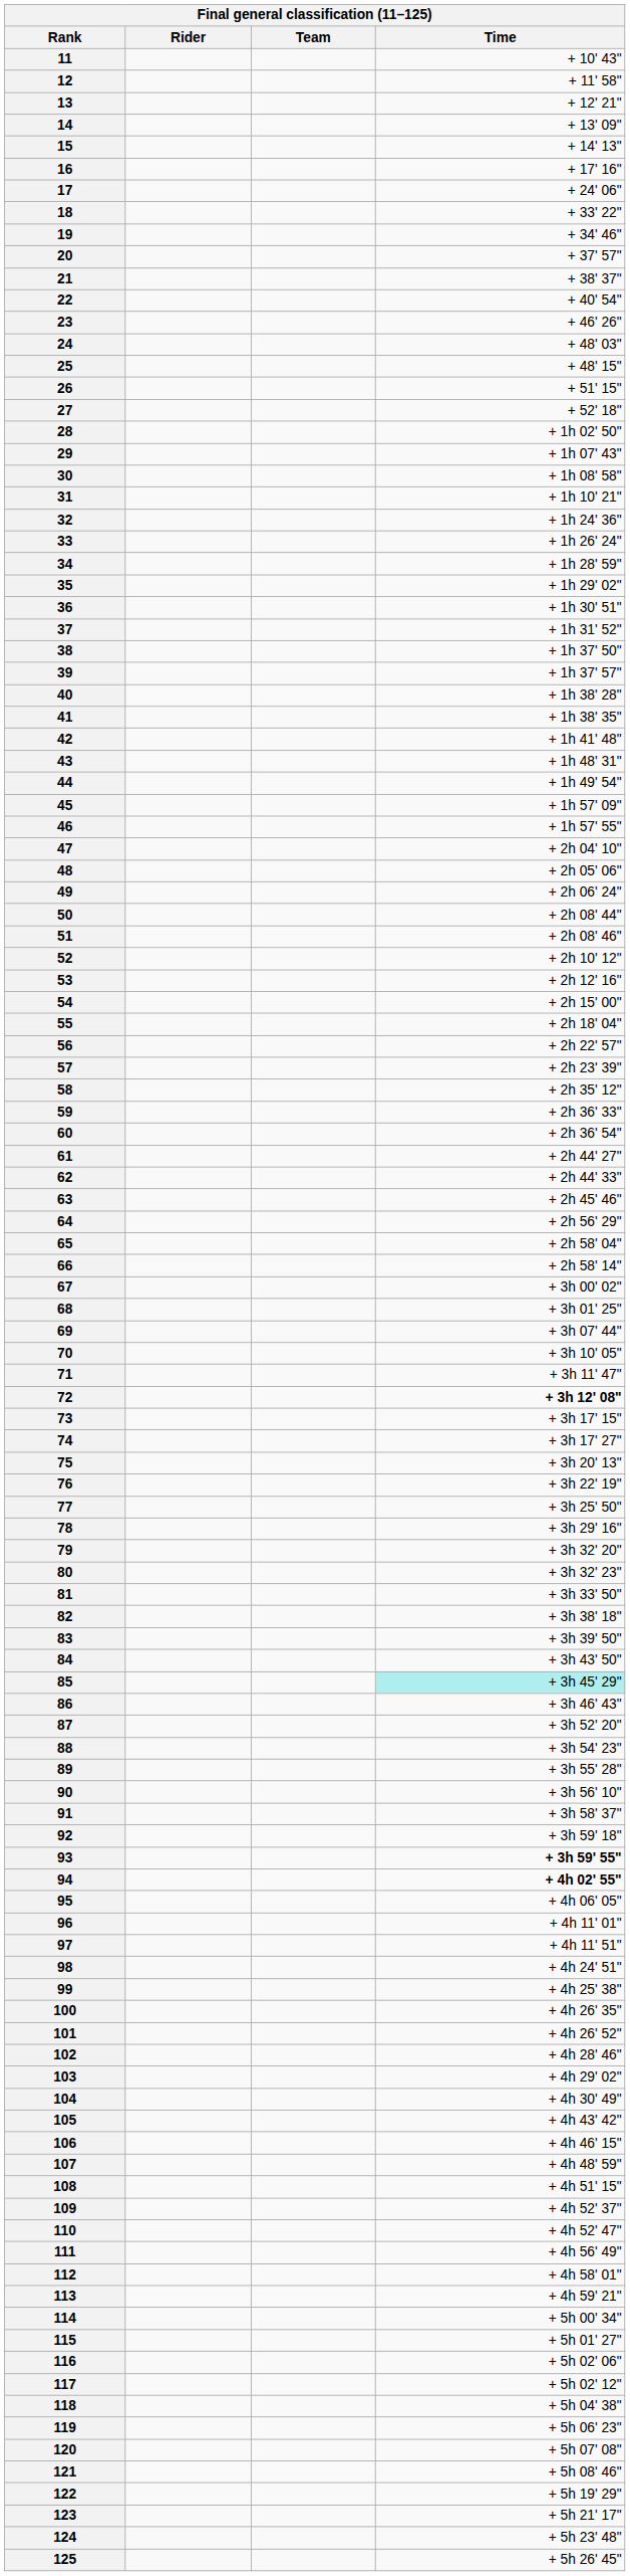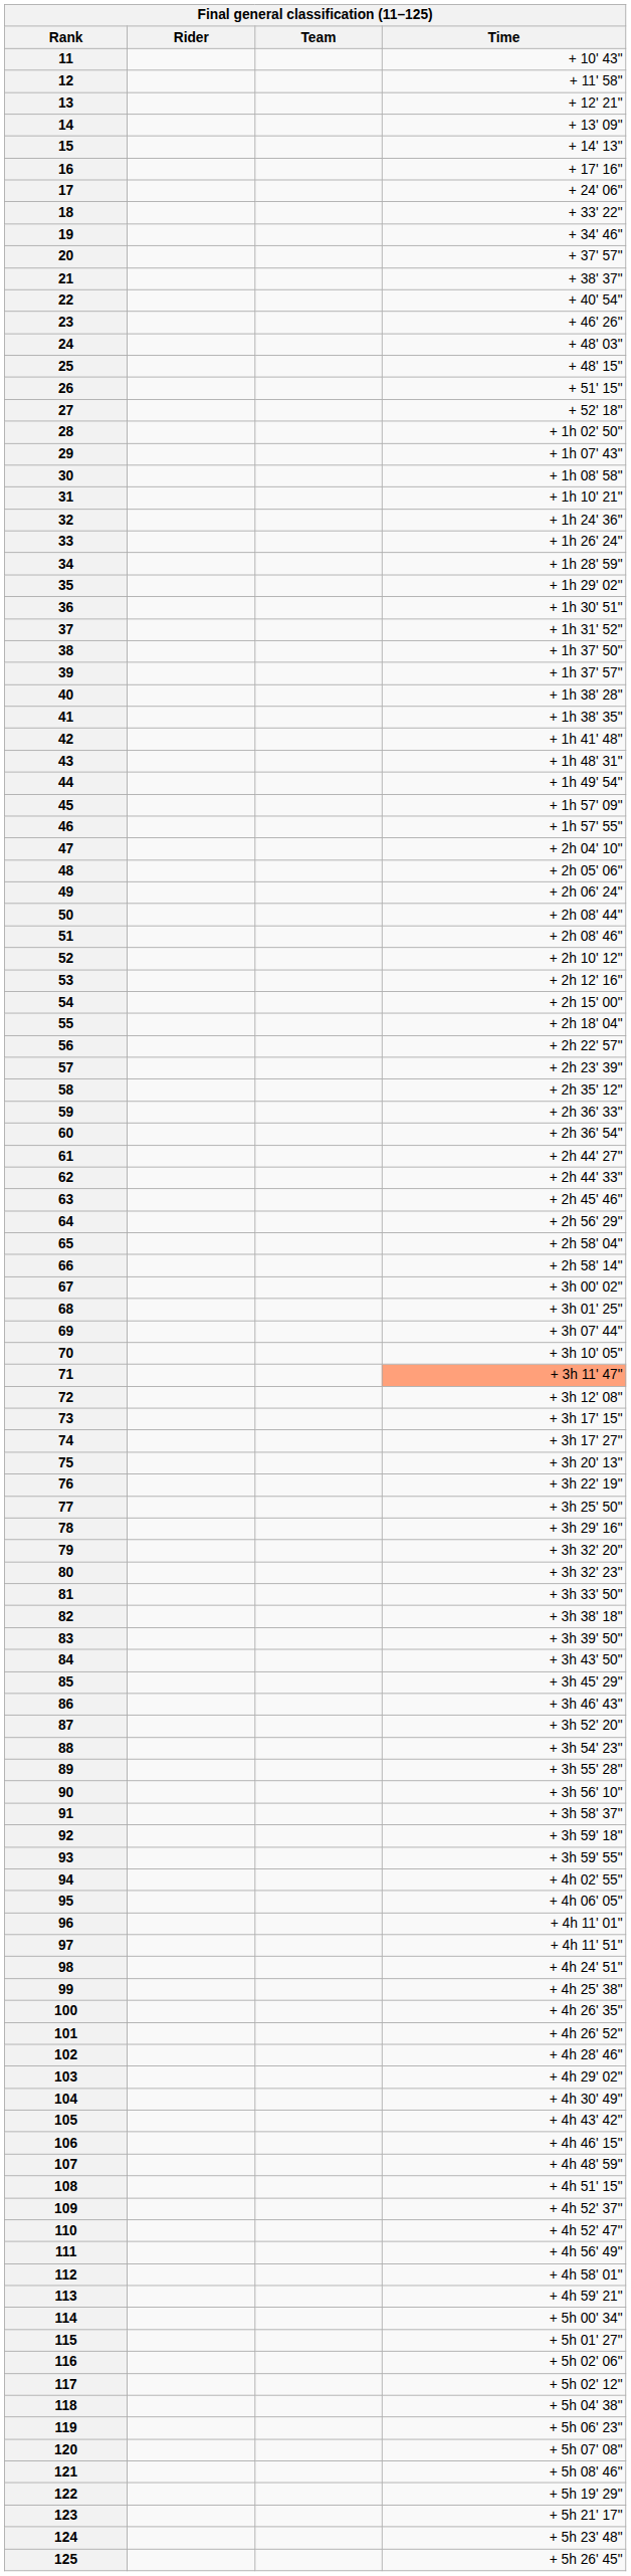 <table class="collapsible collapsed wikitable" style="width:45em; margin-top:-1px;">
 <tr>
 <th scope="col" colspan="4">Final general classification (11–125)</th>
 </tr>
 <tr>
 <th scope="col">Rank</th>
 <th scope="col">Rider</th>
 <th scope="col">Team</th>
 <th scope="col">Time</th>
 </tr>
 <tr>
 <th scope="row">11</th>
 <td></td>
 <td></td>
 <td align="right">+ 10' 43"</td>
 </tr>
 <tr>
 <th scope="row">12</th>
 <td></td>
 <td></td>
 <td align="right">+ 11' 58"</td>
 </tr>
 <tr>
 <th scope="row">13</th>
 <td></td>
 <td></td>
 <td align="right">+ 12' 21"</td>
 </tr>
 <tr>
 <th scope="row">14</th>
 <td></td>
 <td></td>
 <td align="right">+ 13' 09"</td>
 </tr>
 <tr>
 <th scope="row">15</th>
 <td></td>
 <td></td>
 <td align="right">+ 14' 13"</td>
 </tr>
 <tr>
 <th scope="row">16</th>
 <td></td>
 <td></td>
 <td align="right">+ 17' 16"</td>
 </tr>
 <tr>
 <th scope="row">17</th>
 <td></td>
 <td></td>
 <td align="right">+ 24' 06"</td>
 </tr>
 <tr>
 <th scope="row">18</th>
 <td></td>
 <td></td>
 <td align="right">+ 33' 22"</td>
 </tr>
 <tr>
 <th scope="row">19</th>
 <td></td>
 <td></td>
 <td align="right">+ 34' 46"</td>
 </tr>
 <tr>
 <th scope="row">20</th>
 <td></td>
 <td></td>
 <td align="right">+ 37' 57"</td>
 </tr>
 <tr>
 <th scope="row">21</th>
 <td></td>
 <td></td>
 <td align="right">+ 38' 37"</td>
 </tr>
 <tr>
 <th scope="row">22</th>
 <td> </td>
 <td></td>
 <td align="right">+ 40' 54"</td>
 </tr>
 <tr>
 <th scope="row">23</th>
 <td></td>
 <td></td>
 <td align="right">+ 46' 26"</td>
 </tr>
 <tr>
 <th scope="row">24</th>
 <td></td>
 <td></td>
 <td align="right">+ 48' 03"</td>
 </tr>
 <tr>
 <th scope="row">25</th>
 <td></td>
 <td></td>
 <td align="right">+ 48' 15"</td>
 </tr>
 <tr>
 <th scope="row">26</th>
 <td></td>
 <td></td>
 <td align="right">+ 51' 15"</td>
 </tr>
 <tr>
 <th scope="row">27</th>
 <td></td>
 <td></td>
 <td align="right">+ 52' 18"</td>
 </tr>
 <tr>
 <th scope="row">28</th>
 <td></td>
 <td></td>
 <td align="right">+ 1h 02' 50"</td>
 </tr>
 <tr>
 <th scope="row">29</th>
 <td></td>
 <td></td>
 <td align="right">+ 1h 07' 43"</td>
 </tr>
 <tr>
 <th scope="row">30</th>
 <td></td>
 <td></td>
 <td align="right">+ 1h 08' 58"</td>
 </tr>
 <tr>
 <th scope="row">31</th>
 <td></td>
 <td></td>
 <td align="right">+ 1h 10' 21"</td>
 </tr>
 <tr>
 <th scope="row">32</th>
 <td></td>
 <td></td>
 <td align="right">+ 1h 24' 36"</td>
 </tr>
 <tr>
 <th scope="row">33</th>
 <td></td>
 <td></td>
 <td align="right">+ 1h 26' 24"</td>
 </tr>
 <tr>
 <th scope="row">34</th>
 <td></td>
 <td></td>
 <td align="right">+ 1h 28' 59"</td>
 </tr>
 <tr>
 <th scope="row">35</th>
 <td></td>
 <td></td>
 <td align="right">+ 1h 29' 02"</td>
 </tr>
 <tr>
 <th scope="row">36</th>
 <td></td>
 <td></td>
 <td align="right">+ 1h 30' 51"</td>
 </tr>
 <tr>
 <th scope="row">37</th>
 <td></td>
 <td></td>
 <td align="right">+ 1h 31' 52"</td>
 </tr>
 <tr>
 <th scope="row">38</th>
 <td></td>
 <td></td>
 <td align="right">+ 1h 37' 50"</td>
 </tr>
 <tr>
 <th scope="row">39</th>
 <td></td>
 <td></td>
 <td align="right">+ 1h 37' 57"</td>
 </tr>
 <tr>
 <th scope="row">40</th>
 <td></td>
 <td></td>
 <td align="right">+ 1h 38' 28"</td>
 </tr>
 <tr>
 <th scope="row">41</th>
 <td></td>
 <td></td>
 <td align="right">+ 1h 38' 35"</td>
 </tr>
 <tr>
 <th scope="row">42</th>
 <td></td>
 <td></td>
 <td align="right">+ 1h 41' 48"</td>
 </tr>
 <tr>
 <th scope="row">43</th>
 <td></td>
 <td></td>
 <td align="right">+ 1h 48' 31"</td>
 </tr>
 <tr>
 <th scope="row">44</th>
 <td></td>
 <td></td>
 <td align="right">+ 1h 49' 54"</td>
 </tr>
 <tr>
 <th scope="row">45</th>
 <td></td>
 <td></td>
 <td align="right">+ 1h 57' 09"</td>
 </tr>
 <tr>
 <th scope="row">46</th>
 <td></td>
 <td></td>
 <td align="right">+ 1h 57' 55"</td>
 </tr>
 <tr>
 <th scope="row">47</th>
 <td></td>
 <td></td>
 <td align="right">+ 2h 04' 10"</td>
 </tr>
 <tr>
 <th scope="row">48</th>
 <td></td>
 <td></td>
 <td align="right">+ 2h 05' 06"</td>
 </tr>
 <tr>
 <th scope="row">49</th>
 <td></td>
 <td></td>
 <td align="right">+ 2h 06' 24"</td>
 </tr>
 <tr>
 <th scope="row">50</th>
 <td></td>
 <td></td>
 <td align="right">+ 2h 08' 44"</td>
 </tr>
 <tr>
 <th scope="row">51</th>
 <td></td>
 <td></td>
 <td align="right">+ 2h 08' 46"</td>
 </tr>
 <tr>
 <th scope="row">52</th>
 <td></td>
 <td></td>
 <td align="right">+ 2h 10' 12"</td>
 </tr>
 <tr>
 <th scope="row">53</th>
 <td></td>
 <td></td>
 <td align="right">+ 2h 12' 16"</td>
 </tr>
 <tr>
 <th scope="row">54</th>
 <td></td>
 <td></td>
 <td align="right">+ 2h 15' 00"</td>
 </tr>
 <tr>
 <th scope="row">55</th>
 <td></td>
 <td></td>
 <td align="right">+ 2h 18' 04"</td>
 </tr>
 <tr>
 <th scope="row">56</th>
 <td></td>
 <td></td>
 <td align="right">+ 2h 22' 57"</td>
 </tr>
 <tr>
 <th scope="row">57</th>
 <td></td>
 <td></td>
 <td align="right">+ 2h 23' 39"</td>
 </tr>
 <tr>
 <th scope="row">58</th>
 <td></td>
 <td></td>
 <td align="right">+ 2h 35' 12"</td>
 </tr>
 <tr>
 <th scope="row">59</th>
 <td></td>
 <td></td>
 <td align="right">+ 2h 36' 33"</td>
 </tr>
 <tr>
 <th scope="row">60</th>
 <td></td>
 <td></td>
 <td align="right">+ 2h 36' 54"</td>
 </tr>
 <tr>
 <th scope="row">61</th>
 <td></td>
 <td></td>
 <td align="right">+ 2h 44' 27"</td>
 </tr>
 <tr>
 <th scope="row">62</th>
 <td></td>
 <td></td>
 <td align="right">+ 2h 44' 33"</td>
 </tr>
 <tr>
 <th scope="row">63</th>
 <td></td>
 <td></td>
 <td align="right">+ 2h 45' 46"</td>
 </tr>
 <tr>
 <th scope="row">64</th>
 <td></td>
 <td></td>
 <td align="right">+ 2h 56' 29"</td>
 </tr>
 <tr>
 <th scope="row">65</th>
 <td></td>
 <td></td>
 <td align="right">+ 2h 58' 04"</td>
 </tr>
 <tr>
 <th scope="row">66</th>
 <td></td>
 <td></td>
 <td align="right">+ 2h 58' 14"</td>
 </tr>
 <tr>
 <th scope="row">67</th>
 <td></td>
 <td></td>
 <td align="right">+ 3h 00' 02"</td>
 </tr>
 <tr>
 <th scope="row">68</th>
 <td></td>
 <td></td>
 <td align="right">+ 3h 01' 25"</td>
 </tr>
 <tr>
 <th scope="row">69</th>
 <td></td>
 <td></td>
 <td align="right">+ 3h 07' 44"</td>
 </tr>
 <tr>
 <th scope="row">70</th>
 <td></td>
 <td></td>
 <td align="right">+ 3h 10' 05"</td>
 </tr>
 <tr>
 <th scope="row">71</th>
 <td></td>
 <td></td>
-<td align="right">+ 3h 11' 47"</td>
+<td align="right" style="background: lightsalmon;">+ 3h 11' 47"</td>
 </tr>
 <tr>
 <th scope="row">72</th>
 <td></td>
 <td></td>
-<td align="right"><strong>+ 3h 12' 08"</strong></td>
+<td align="right">+ 3h 12' 08"</td>
 </tr>
 <tr>
 <th scope="row">73</th>
 <td></td>
 <td></td>
 <td align="right">+ 3h 17' 15"</td>
 </tr>
 <tr>
 <th scope="row">74</th>
 <td></td>
 <td></td>
 <td align="right">+ 3h 17' 27"</td>
 </tr>
 <tr>
 <th scope="row">75</th>
 <td></td>
 <td></td>
 <td align="right">+ 3h 20' 13"</td>
 </tr>
 <tr>
 <th scope="row">76</th>
 <td></td>
 <td></td>
 <td align="right">+ 3h 22' 19"</td>
 </tr>
 <tr>
 <th scope="row">77</th>
 <td></td>
 <td></td>
 <td align="right">+ 3h 25' 50"</td>
 </tr>
 <tr>
 <th scope="row">78</th>
 <td></td>
 <td></td>
 <td align="right">+ 3h 29' 16"</td>
 </tr>
 <tr>
 <th scope="row">79</th>
 <td></td>
 <td></td>
 <td align="right">+ 3h 32' 20"</td>
 </tr>
 <tr>
 <th scope="row">80</th>
 <td></td>
 <td></td>
 <td align="right">+ 3h 32' 23"</td>
 </tr>
 <tr>
 <th scope="row">81</th>
 <td></td>
 <td></td>
 <td align="right">+ 3h 33' 50"</td>
 </tr>
 <tr>
 <th scope="row">82</th>
 <td></td>
 <td></td>
 <td align="right">+ 3h 38' 18"</td>
 </tr>
 <tr>
 <th scope="row">83</th>
 <td></td>
 <td></td>
 <td align="right">+ 3h 39' 50"</td>
 </tr>
 <tr>
 <th scope="row">84</th>
 <td></td>
 <td></td>
 <td align="right">+ 3h 43' 50"</td>
 </tr>
 <tr>
 <th scope="row">85</th>
 <td></td>
 <td></td>
-<td align="right" style="background: paleturquoise;">+ 3h 45' 29"</td>
+<td align="right">+ 3h 45' 29"</td>
 </tr>
 <tr>
 <th scope="row">86</th>
 <td></td>
 <td></td>
 <td align="right">+ 3h 46' 43"</td>
 </tr>
 <tr>
 <th scope="row">87</th>
 <td></td>
 <td></td>
 <td align="right">+ 3h 52' 20"</td>
 </tr>
 <tr>
 <th scope="row">88</th>
 <td></td>
 <td></td>
 <td align="right">+ 3h 54' 23"</td>
 </tr>
 <tr>
 <th scope="row">89</th>
 <td></td>
 <td></td>
 <td align="right">+ 3h 55' 28"</td>
 </tr>
 <tr>
 <th scope="row">90</th>
 <td></td>
 <td></td>
 <td align="right">+ 3h 56' 10"</td>
 </tr>
 <tr>
 <th scope="row">91</th>
 <td></td>
 <td></td>
 <td align="right">+ 3h 58' 37"</td>
 </tr>
 <tr>
 <th scope="row">92</th>
 <td></td>
 <td></td>
 <td align="right">+ 3h 59' 18"</td>
 </tr>
 <tr>
 <th scope="row">93</th>
 <td></td>
 <td></td>
-<td align="right"><strong>+ 3h 59' 55"</strong></td>
+<td align="right">+ 3h 59' 55"</td>
 </tr>
 <tr>
 <th scope="row">94</th>
 <td></td>
 <td></td>
-<td align="right"><strong>+ 4h 02' 55"</strong></td>
+<td align="right">+ 4h 02' 55"</td>
 </tr>
 <tr>
 <th scope="row">95</th>
 <td></td>
 <td></td>
 <td align="right">+ 4h 06' 05"</td>
 </tr>
 <tr>
 <th scope="row">96</th>
 <td></td>
 <td></td>
 <td align="right">+ 4h 11' 01"</td>
 </tr>
 <tr>
 <th scope="row">97</th>
 <td></td>
 <td></td>
 <td align="right">+ 4h 11' 51"</td>
 </tr>
 <tr>
 <th scope="row">98</th>
 <td></td>
 <td></td>
 <td align="right">+ 4h 24' 51"</td>
 </tr>
 <tr>
 <th scope="row">99</th>
 <td></td>
 <td></td>
 <td align="right">+ 4h 25' 38"</td>
 </tr>
 <tr>
 <th scope="row">100</th>
 <td></td>
 <td></td>
 <td align="right">+ 4h 26' 35"</td>
 </tr>
 <tr>
 <th scope="row">101</th>
 <td></td>
 <td></td>
 <td align="right">+ 4h 26' 52"</td>
 </tr>
 <tr>
 <th scope="row">102</th>
 <td></td>
 <td></td>
 <td align="right">+ 4h 28' 46"</td>
 </tr>
 <tr>
 <th scope="row">103</th>
 <td> </td>
 <td></td>
 <td align="right">+ 4h 29' 02"</td>
 </tr>
 <tr>
 <th scope="row">104</th>
 <td></td>
 <td></td>
 <td align="right">+ 4h 30' 49"</td>
 </tr>
 <tr>
 <th scope="row">105</th>
 <td></td>
 <td></td>
 <td align="right">+ 4h 43' 42"</td>
 </tr>
 <tr>
 <th scope="row">106</th>
 <td></td>
 <td></td>
 <td align="right">+ 4h 46' 15"</td>
 </tr>
 <tr>
 <th scope="row">107</th>
 <td></td>
 <td></td>
 <td align="right">+ 4h 48' 59"</td>
 </tr>
 <tr>
 <th scope="row">108</th>
 <td></td>
 <td></td>
 <td align="right">+ 4h 51' 15"</td>
 </tr>
 <tr>
 <th scope="row">109</th>
 <td></td>
 <td></td>
 <td align="right">+ 4h 52' 37"</td>
 </tr>
 <tr>
 <th scope="row">110</th>
 <td></td>
 <td></td>
 <td align="right">+ 4h 52' 47"</td>
 </tr>
 <tr>
 <th scope="row">111</th>
 <td></td>
 <td></td>
 <td align="right">+ 4h 56' 49"</td>
 </tr>
 <tr>
 <th scope="row">112</th>
 <td></td>
 <td></td>
 <td align="right">+ 4h 58' 01"</td>
 </tr>
 <tr>
 <th scope="row">113</th>
 <td></td>
 <td></td>
 <td align="right">+ 4h 59' 21"</td>
 </tr>
 <tr>
 <th scope="row">114</th>
 <td></td>
 <td></td>
 <td align="right">+ 5h 00' 34"</td>
 </tr>
 <tr>
 <th scope="row">115</th>
 <td></td>
 <td></td>
 <td align="right">+ 5h 01' 27"</td>
 </tr>
 <tr>
 <th scope="row">116</th>
 <td></td>
 <td></td>
 <td align="right">+ 5h 02' 06"</td>
 </tr>
 <tr>
 <th scope="row">117</th>
 <td></td>
 <td></td>
 <td align="right">+ 5h 02' 12"</td>
 </tr>
 <tr>
 <th scope="row">118</th>
 <td></td>
 <td></td>
 <td align="right">+ 5h 04' 38"</td>
 </tr>
 <tr>
 <th scope="row">119</th>
 <td></td>
 <td></td>
 <td align="right">+ 5h 06' 23"</td>
 </tr>
 <tr>
 <th scope="row">120</th>
 <td></td>
 <td></td>
 <td align="right">+ 5h 07' 08"</td>
 </tr>
 <tr>
 <th scope="row">121</th>
 <td></td>
 <td></td>
 <td align="right">+ 5h 08' 46"</td>
 </tr>
 <tr>
 <th scope="row">122</th>
 <td></td>
 <td></td>
 <td align="right">+ 5h 19' 29"</td>
 </tr>
 <tr>
 <th scope="row">123</th>
 <td></td>
 <td></td>
 <td align="right">+ 5h 21' 17"</td>
 </tr>
 <tr>
 <th scope="row">124</th>
 <td></td>
 <td></td>
 <td align="right">+ 5h 23' 48"</td>
 </tr>
 <tr>
 <th scope="row">125</th>
 <td></td>
 <td></td>
 <td align="right">+ 5h 26' 45"</td>
 </tr>
 </table>
